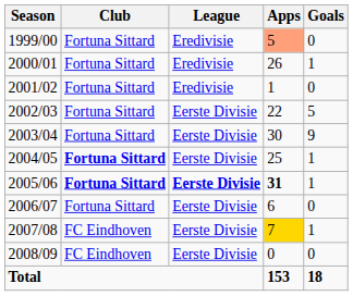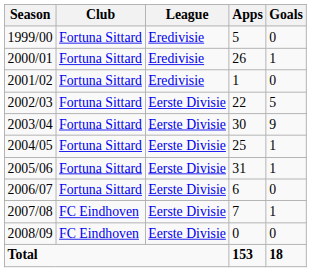 <table class="wikitable">
 <tr>
 <th>Season</th>
 <th>Club</th>
 <th>League</th>
 <th>Apps</th>
 <th>Goals</th>
 </tr>
 <tr>
 <td>1999/00</td>
 <td><a href='#'>Fortuna Sittard</a></td>
 <td><a href='#'>Eredivisie</a></td>
-<td style="background: lightsalmon;">5</td>
+<td>5</td>
 <td>0</td>
 </tr>
 <tr>
 <td>2000/01</td>
 <td><a href='#'>Fortuna Sittard</a></td>
 <td><a href='#'>Eredivisie</a></td>
 <td>26</td>
 <td>1</td>
 </tr>
 <tr>
 <td>2001/02</td>
 <td><a href='#'>Fortuna Sittard</a></td>
 <td><a href='#'>Eredivisie</a></td>
 <td>1</td>
 <td>0</td>
 </tr>
 <tr>
 <td>2002/03</td>
 <td><a href='#'>Fortuna Sittard</a></td>
 <td><a href='#'>Eerste Divisie</a></td>
 <td>22</td>
 <td>5</td>
 </tr>
 <tr>
 <td>2003/04</td>
 <td><a href='#'>Fortuna Sittard</a></td>
 <td><a href='#'>Eerste Divisie</a></td>
 <td>30</td>
 <td>9</td>
 </tr>
 <tr>
 <td>2004/05</td>
-<td><strong><a href='#'>Fortuna Sittard</a></strong></td>
+<td><a href='#'>Fortuna Sittard</a></td>
 <td><a href='#'>Eerste Divisie</a></td>
 <td>25</td>
 <td>1</td>
 </tr>
 <tr>
 <td>2005/06</td>
-<td><strong><a href='#'>Fortuna Sittard</a></strong></td>
-<td><strong><a href='#'>Eerste Divisie</a></strong></td>
-<td><strong>31</strong></td>
+<td><a href='#'>Fortuna Sittard</a></td>
+<td><a href='#'>Eerste Divisie</a></td>
+<td>31</td>
 <td>1</td>
 </tr>
 <tr>
 <td>2006/07</td>
 <td><a href='#'>Fortuna Sittard</a></td>
 <td><a href='#'>Eerste Divisie</a></td>
 <td>6</td>
 <td>0</td>
 </tr>
 <tr>
 <td>2007/08</td>
 <td><a href='#'>FC Eindhoven</a></td>
 <td><a href='#'>Eerste Divisie</a></td>
-<td style="background: gold;">7</td>
+<td>7</td>
 <td>1</td>
 </tr>
 <tr>
 <td>2008/09</td>
 <td><a href='#'>FC Eindhoven</a></td>
 <td><a href='#'>Eerste Divisie</a></td>
 <td>0</td>
 <td>0</td>
 </tr>
 <tr>
 <td colspan="3"><strong>Total</strong></td>
 <td><strong>153</strong></td>
 <td><strong>18</strong></td>
 </tr>
 </table>
